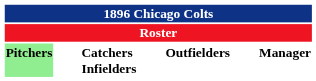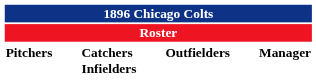 <table class="toccolours" style="font-size: 95%;">
 <tr>
 <th colspan="10" style="background-color: #0e3386; color: white; text-align: center;">1896 Chicago Colts</th>
 </tr>
 <tr>
 <td colspan="10" style="background-color: #EE1422; color: white; text-align: center;"><strong>Roster</strong></td>
 </tr>
 <tr>
-<td valign="top" style="background: lightgreen;"><strong>Pitchers</strong><br>      </td>
+<td valign="top"><strong>Pitchers</strong><br>      </td>
 <td width="25px"></td>
 <td valign="top"><strong>Catchers</strong><br>   <strong>Infielders</strong>       </td>
 <td width="25px"></td>
 <td valign="top"><strong>Outfielders</strong><br>    </td>
 <td width="25px"></td>
 <td valign="top"><strong>Manager</strong><br></td>
 </tr>
 <tr>
 </tr>
 </table>
